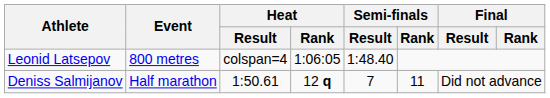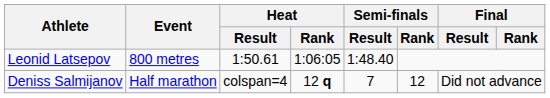 <table class="wikitable" style="font-size:90%; text-align:center">
 <tr>
 <th rowspan="2">Athlete</th>
 <th rowspan="2">Event</th>
 <th colspan="2">Heat</th>
 <th colspan="2">Semi-finals</th>
 <th colspan="2">Final</th>
 </tr>
 <tr>
 <th>Result</th>
 <th>Rank</th>
 <th>Result</th>
 <th>Rank</th>
 <th>Result</th>
 <th>Rank</th>
 </tr>
 <tr>
 <td align="left"><a href='#'>Leonid Latsepov</a></td>
 <td align="left"><a href='#'>800 metres</a></td>
-<td>colspan=4 </td>
+<td>1:50.61</td>
 <td>1:06:05</td>
 <td>1:48.40</td>
 </tr>
 <tr>
 <td align="left"><a href='#'>Deniss Salmijanov</a></td>
 <td align="left"><a href='#'>Half marathon</a></td>
-<td>1:50.61</td>
+<td>colspan=4 </td>
 <td>12 <strong>q</strong></td>
 <td>7</td>
-<td>11</td>
+<td>12</td>
 <td colspan="2">Did not advance</td>
 </tr>
 </table>
